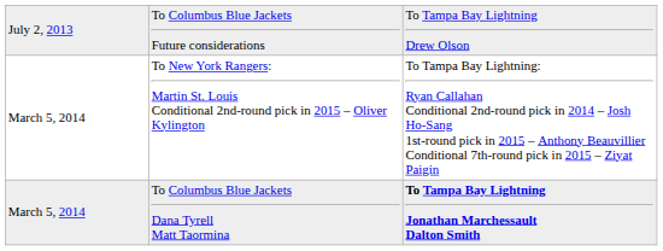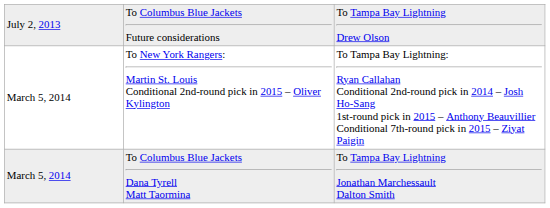 <table class="wikitable" style="border:1px solid #999999; width:90%;">
 <tr bgcolor="eeeeee">
 <td>July 2, <a href='#'>2013</a></td>
 <td valign="top">To <a href='#'>Columbus Blue Jackets</a> <hr>Future considerations</td>
 <td valign="top">To <a href='#'>Tampa Bay Lightning</a> <hr><a href='#'>Drew Olson</a></td>
 </tr>
 <tr bgcolor="ffffff">
 <td style="width:22%;">March 5, 2014</td>
 <td style="width:39%;" valign="top">To <a href='#'>New York Rangers</a>:<hr><a href='#'>Martin St. Louis</a><br>Conditional 2nd-round pick in <a href='#'>2015</a> – <a href='#'>Oliver Kylington</a></td>
 <td style="width:39%;" valign="top">To Tampa Bay Lightning:<hr><a href='#'>Ryan Callahan</a><br>Conditional 2nd-round pick in <a href='#'>2014</a> – <a href='#'>Josh Ho-Sang</a><br>1st-round pick in <a href='#'>2015</a> – <a href='#'>Anthony Beauvillier</a><br>Conditional 7th-round pick in <a href='#'>2015</a> – <a href='#'>Ziyat Paigin</a></td>
 </tr>
 <tr bgcolor="eeeeee">
 <td>March 5, <a href='#'>2014</a></td>
 <td valign="top">To <a href='#'>Columbus Blue Jackets</a> <hr><a href='#'>Dana Tyrell</a><br><a href='#'>Matt Taormina</a></td>
-<td valign="top"><strong>To <a href='#'>Tampa Bay Lightning</a> <hr><a href='#'>Jonathan Marchessault</a><br><a href='#'>Dalton Smith</a></strong></td>
+<td valign="top">To <a href='#'>Tampa Bay Lightning</a> <hr><a href='#'>Jonathan Marchessault</a><br><a href='#'>Dalton Smith</a></td>
 </tr>
 </table>
